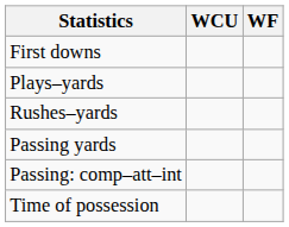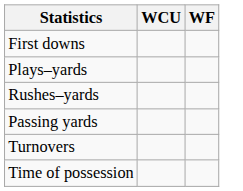 <table class="wikitable" style="float:left">
 <tr>
 <th>Statistics</th>
 <th>WCU</th>
 <th>WF</th>
 </tr>
 <tr>
 <td>First downs</td>
 <td></td>
 <td></td>
 </tr>
 <tr>
 <td>Plays–yards</td>
 <td></td>
 <td></td>
 </tr>
 <tr>
 <td>Rushes–yards</td>
 <td></td>
 <td></td>
 </tr>
 <tr>
 <td>Passing yards</td>
 <td></td>
 <td></td>
 </tr>
 <tr>
-<td>Passing: comp–att–int</td>
+<td>Turnovers</td>
 <td></td>
 <td></td>
 </tr>
 <tr>
 <td>Time of possession</td>
 <td></td>
 <td></td>
 </tr>
 </table>
